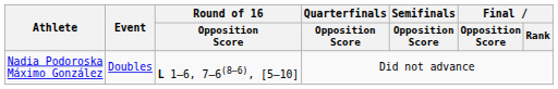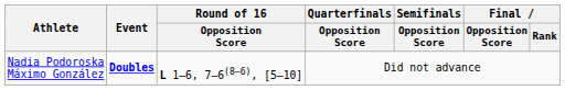 <table class=wikitable style=font-size:90%>
 <tr>
 <th rowspan=2>Athlete</th>
 <th rowspan=2>Event</th>
 <th>Round of 16</th>
 <th>Quarterfinals</th>
 <th>Semifinals</th>
 <th colspan=2>Final / </th>
 </tr>
 <tr style=font-size:95%>
 <th>Opposition<br>Score</th>
 <th>Opposition<br>Score</th>
 <th>Opposition<br>Score</th>
 <th>Opposition<br>Score</th>
 <th>Rank</th>
 </tr>
 <tr align=center>
 <td align=left><a href='#'>Nadia Podoroska</a><br><a href='#'>Máximo González</a></td>
-<td align=left><a href='#'>Doubles</a></td>
+<td align=left><strong><a href='#'>Doubles</a></strong></td>
 <td><br><strong>L</strong> 1–6, 7–6<sup>(8–6)</sup>, [5–10]</td>
 <td colspan=4>Did not advance</td>
 </tr>
 </table>
